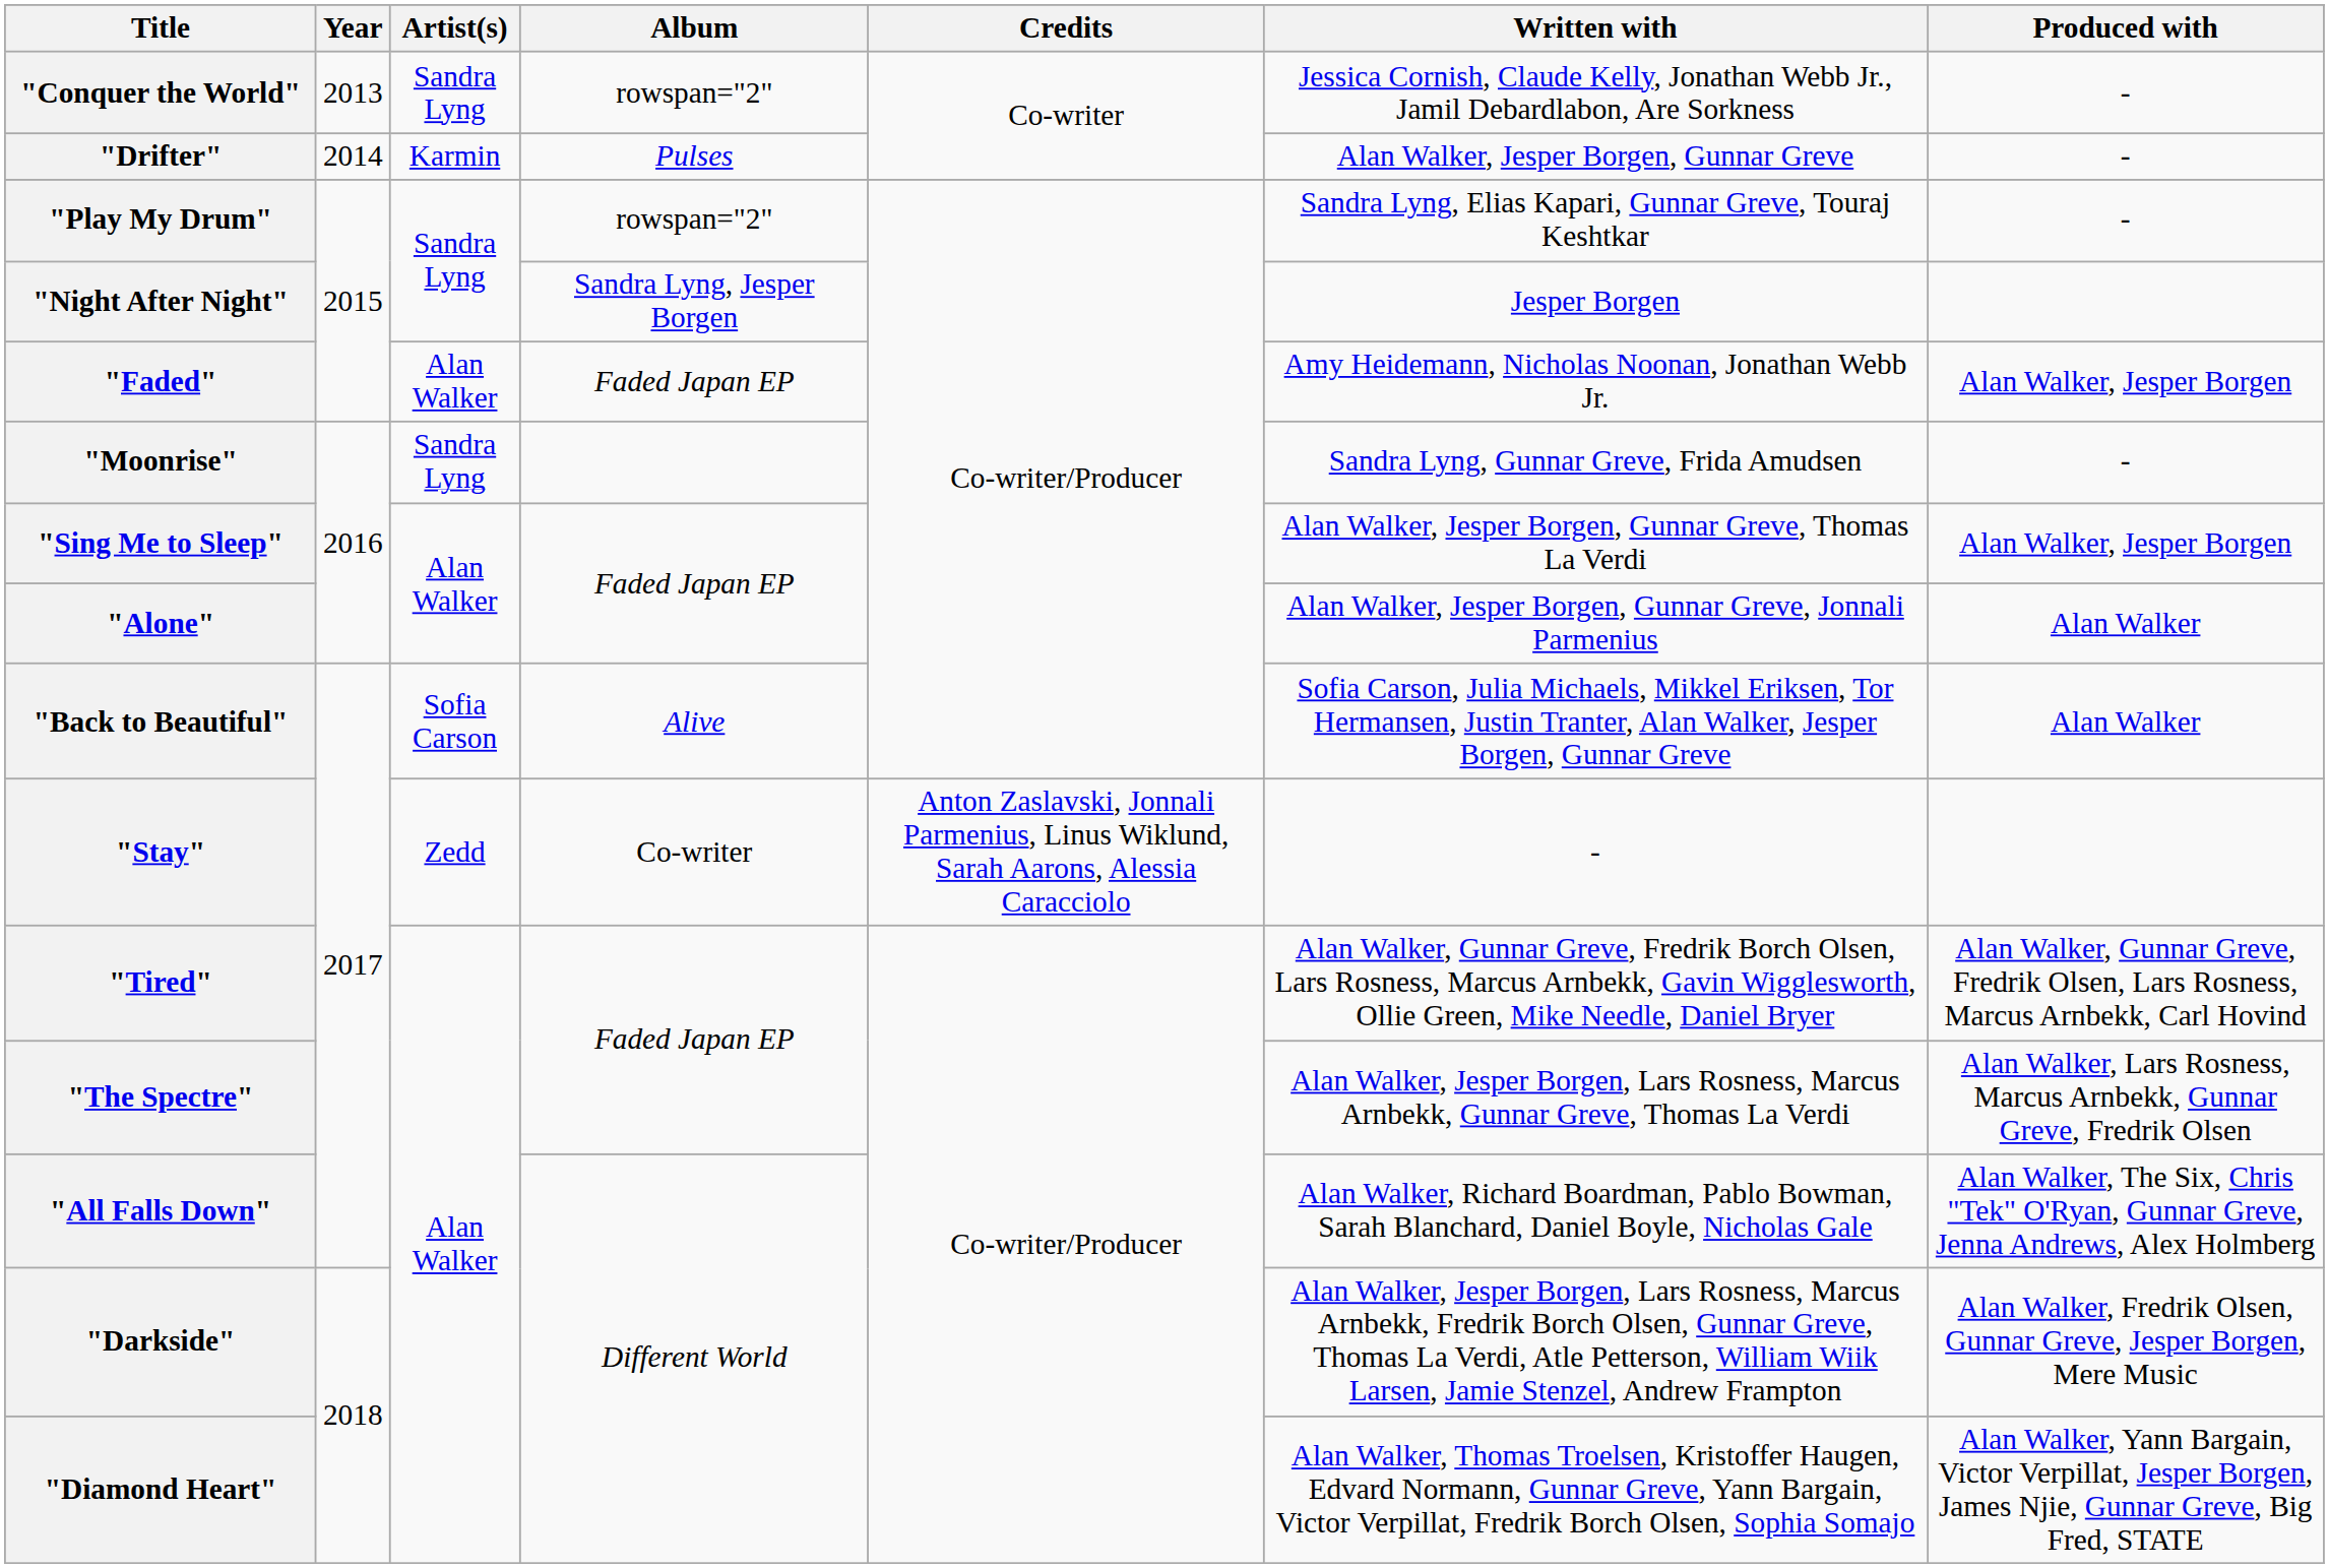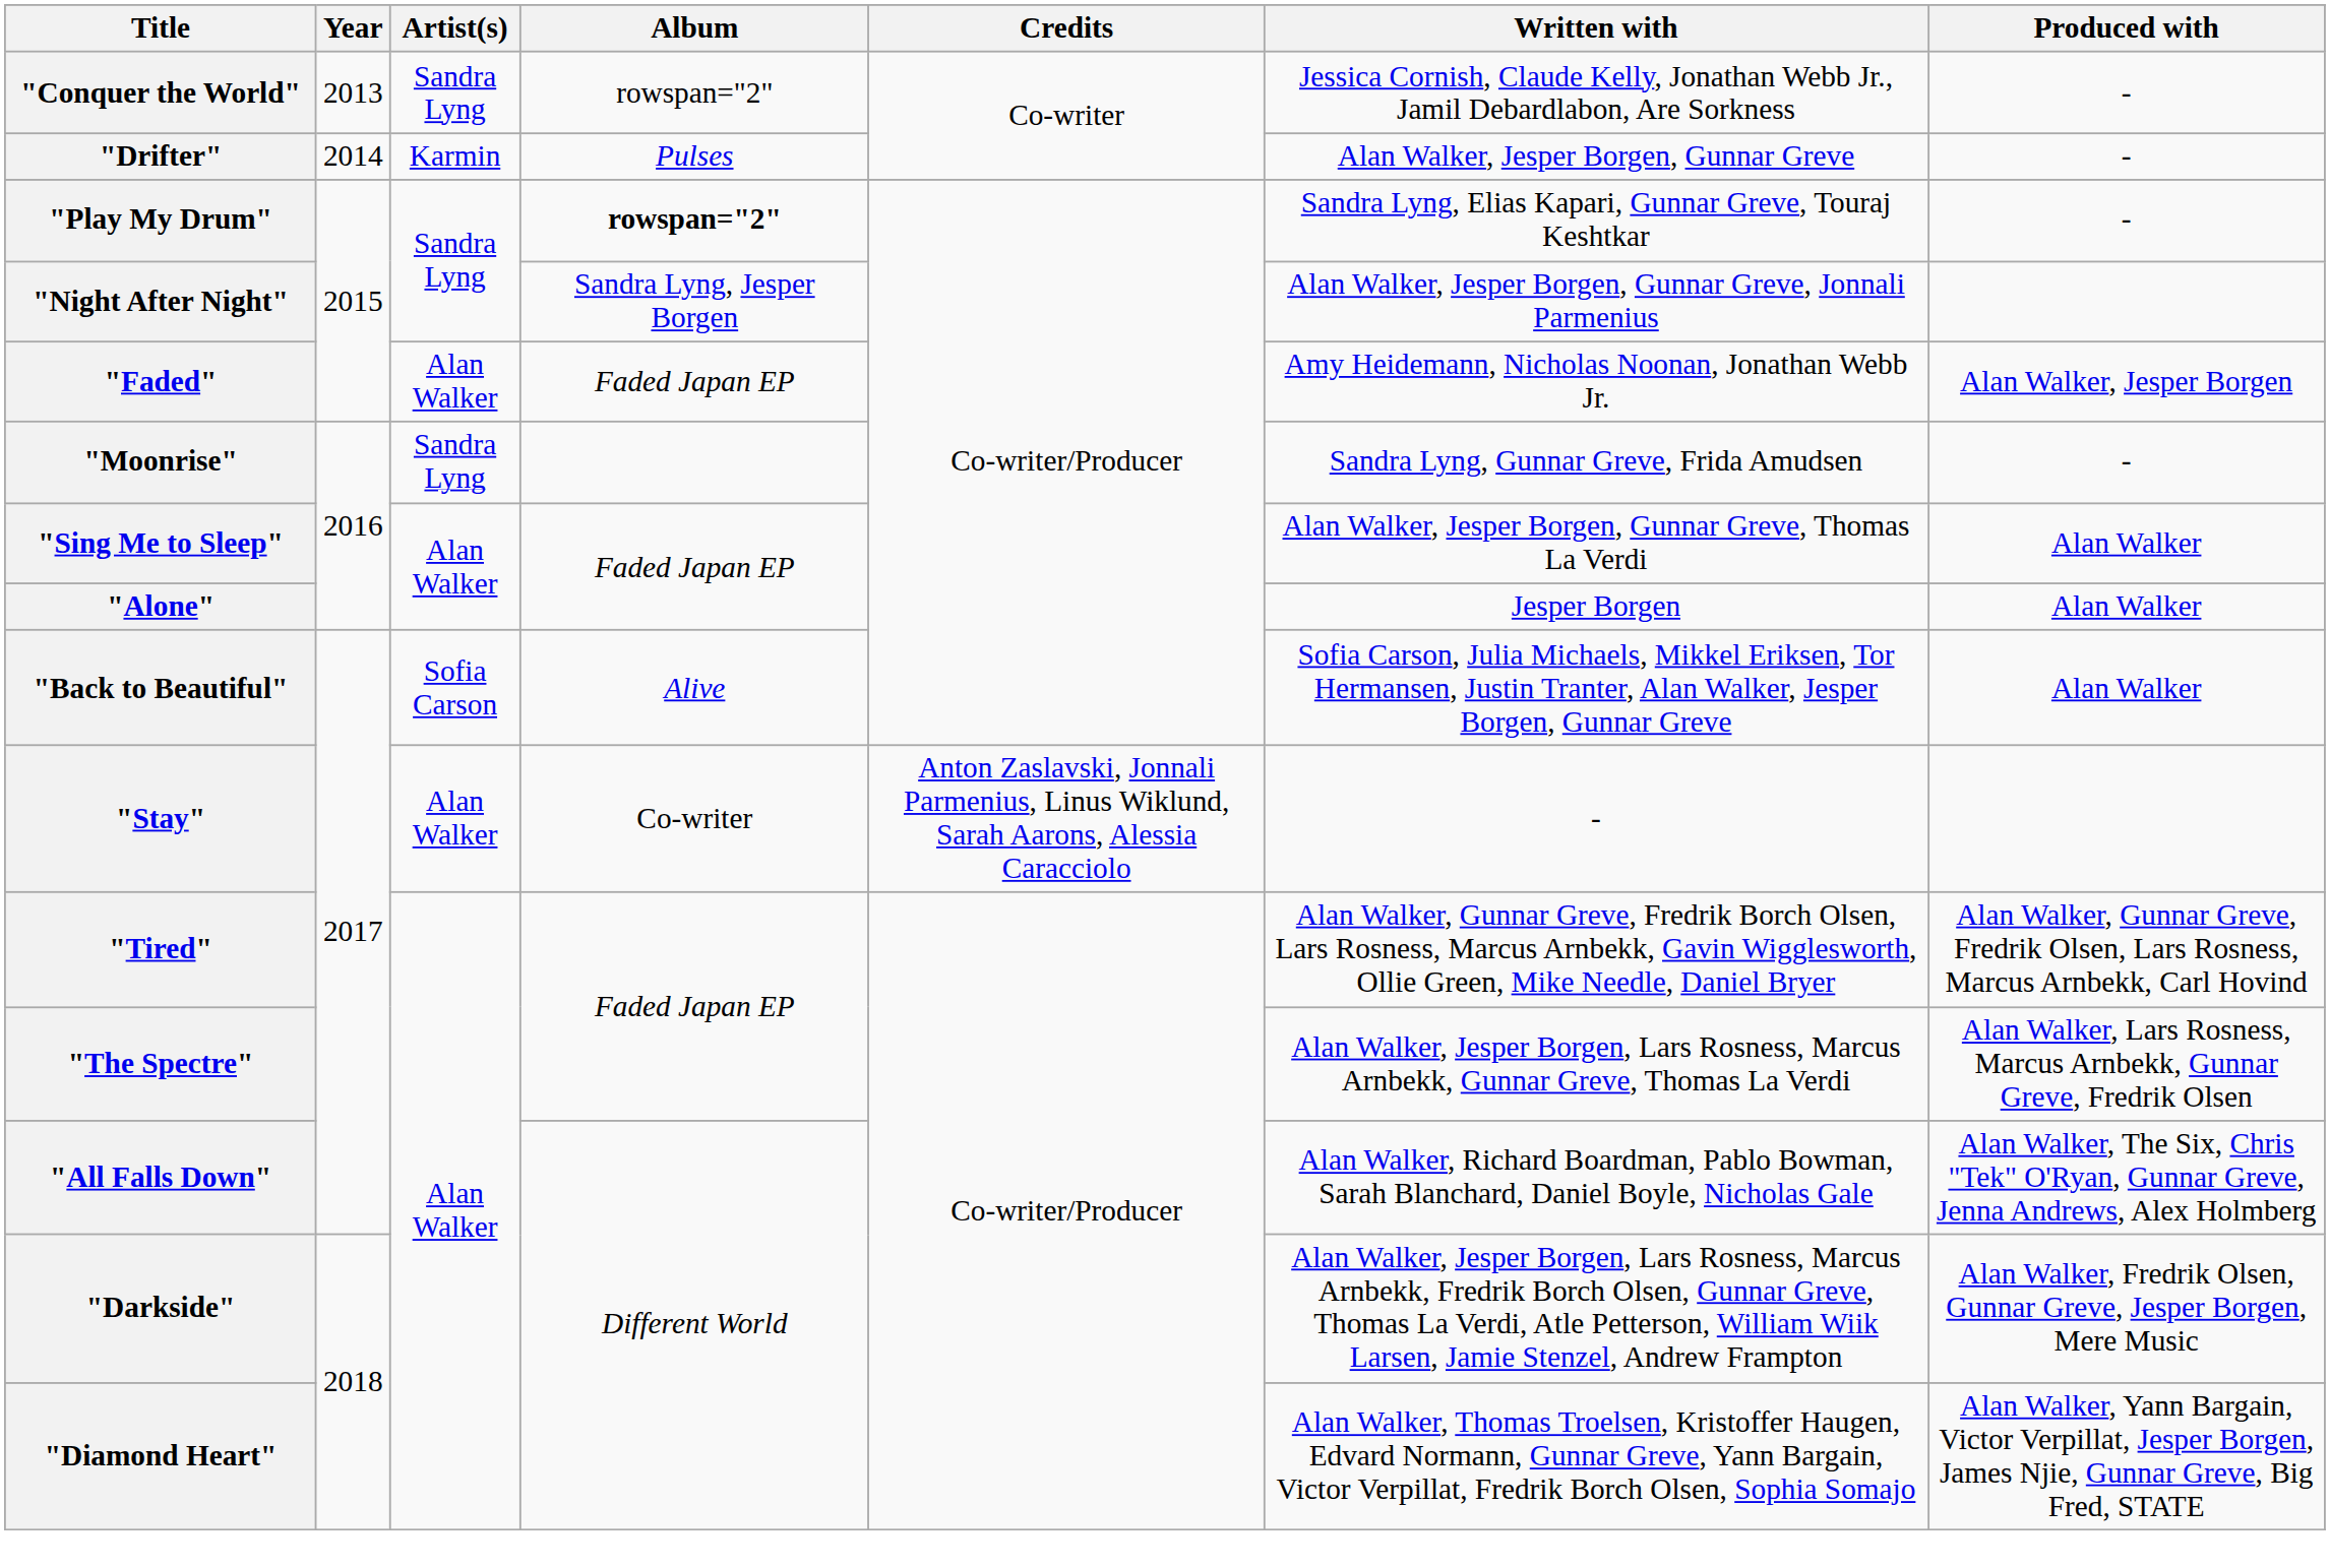 <table class="wikitable plainrowheaders" style="text-align:center;">
 <tr>
 <th scope="col" style="width:160px;">Title</th>
 <th scope="col">Year</th>
 <th scope="col">Artist(s)</th>
 <th scope="col" style="width:180px;">Album</th>
 <th scope="col">Credits</th>
 <th scope="col">Written with</th>
 <th scope="col">Produced with</th>
 </tr>
 <tr>
 <th scope="row">"Conquer the World"<br></th>
 <td>2013</td>
 <td><a href='#'>Sandra Lyng</a></td>
 <td>rowspan="2" </td>
 <td rowspan="2">Co-writer</td>
 <td><a href='#'>Jessica Cornish</a>, <a href='#'>Claude Kelly</a>, Jonathan Webb Jr., Jamil Debardlabon, Are Sorkness</td>
 <td>-</td>
 </tr>
 <tr>
 <th scope="row">"Drifter"</th>
 <td>2014</td>
 <td><a href='#'>Karmin</a></td>
 <td><em><a href='#'>Pulses</a></em></td>
 <td><a href='#'>Alan Walker</a>, <a href='#'>Jesper Borgen</a>, <a href='#'>Gunnar Greve</a></td>
 <td>-</td>
 </tr>
 <tr>
 <th scope="row">"Play My Drum"</th>
 <td rowspan="3">2015</td>
 <td rowspan="2"><a href='#'>Sandra Lyng</a></td>
-<td>rowspan="2" </td>
+<td><strong>rowspan="2" </strong></td>
 <td rowspan="7">Co-writer/Producer</td>
 <td><a href='#'>Sandra Lyng</a>, Elias Kapari, <a href='#'>Gunnar Greve</a>, Touraj Keshtkar</td>
 <td>-</td>
 </tr>
 <tr>
 <th scope="row">"Night After Night"</th>
 <td><a href='#'>Sandra Lyng</a>, <a href='#'>Jesper Borgen</a></td>
-<td><a href='#'>Jesper Borgen</a></td>
+<td><a href='#'>Alan Walker</a>, <a href='#'>Jesper Borgen</a>, <a href='#'>Gunnar Greve</a>, <a href='#'>Jonnali Parmenius</a></td>
 </tr>
 <tr>
 <th scope="row">"<a href='#'>Faded</a>"</th>
 <td><a href='#'>Alan Walker</a></td>
 <td><em>Faded Japan EP</em></td>
 <td><a href='#'>Amy Heidemann</a>, <a href='#'>Nicholas Noonan</a>, Jonathan Webb Jr.</td>
 <td><a href='#'>Alan Walker</a>, <a href='#'>Jesper Borgen</a></td>
 </tr>
 <tr>
 <th scope="row">"Moonrise"</th>
 <td rowspan="3">2016</td>
 <td><a href='#'>Sandra Lyng</a></td>
 <td></td>
 <td><a href='#'>Sandra Lyng</a>, <a href='#'>Gunnar Greve</a>, Frida Amudsen</td>
 <td>-</td>
 </tr>
 <tr>
 <th scope="row">"<a href='#'>Sing Me to Sleep</a>"</th>
 <td rowspan="2"><a href='#'>Alan Walker</a></td>
 <td rowspan="2"><em>Faded Japan EP</em></td>
 <td><a href='#'>Alan Walker</a>, <a href='#'>Jesper Borgen</a>, <a href='#'>Gunnar Greve</a>, Thomas La Verdi</td>
-<td><a href='#'>Alan Walker</a>, <a href='#'>Jesper Borgen</a></td>
+<td><a href='#'>Alan Walker</a></td>
 </tr>
 <tr>
 <th scope="row">"<a href='#'>Alone</a>"</th>
-<td><a href='#'>Alan Walker</a>, <a href='#'>Jesper Borgen</a>, <a href='#'>Gunnar Greve</a>, <a href='#'>Jonnali Parmenius</a></td>
+<td><a href='#'>Jesper Borgen</a></td>
 <td><a href='#'>Alan Walker</a></td>
 </tr>
 <tr>
 <th scope="row">"Back to Beautiful"</th>
 <td rowspan="5">2017</td>
 <td><a href='#'>Sofia Carson</a></td>
 <td><em><a href='#'>Alive</a></em></td>
 <td><a href='#'>Sofia Carson</a>, <a href='#'>Julia Michaels</a>, <a href='#'>Mikkel Eriksen</a>, <a href='#'>Tor Hermansen</a>, <a href='#'>Justin Tranter</a>, <a href='#'>Alan Walker</a>, <a href='#'>Jesper Borgen</a>, <a href='#'>Gunnar Greve</a></td>
 <td><a href='#'>Alan Walker</a></td>
 </tr>
 <tr>
 <th scope="row">"<a href='#'>Stay</a>"<br></th>
-<td><a href='#'>Zedd</a></td>
+<td><a href='#'>Alan Walker</a></td>
 <td>Co-writer</td>
 <td><a href='#'>Anton Zaslavski</a>, <a href='#'>Jonnali Parmenius</a>, Linus Wiklund, <a href='#'>Sarah Aarons</a>, <a href='#'>Alessia Caracciolo</a></td>
 <td>-</td>
 </tr>
 <tr>
 <th scope="row">"<a href='#'>Tired</a>"<br></th>
 <td rowspan="5"><a href='#'>Alan Walker</a></td>
 <td rowspan="2"><em>Faded Japan EP</em></td>
 <td rowspan="5">Co-writer/Producer</td>
 <td><a href='#'>Alan Walker</a>, <a href='#'>Gunnar Greve</a>, Fredrik Borch Olsen, Lars Rosness, Marcus Arnbekk, <a href='#'>Gavin Wigglesworth</a>, Ollie Green, <a href='#'>Mike Needle</a>, <a href='#'>Daniel Bryer</a></td>
 <td><a href='#'>Alan Walker</a>, <a href='#'>Gunnar Greve</a>, Fredrik Olsen, Lars Rosness, Marcus Arnbekk, Carl Hovind</td>
 </tr>
 <tr>
 <th scope="row">"<a href='#'>The Spectre</a>"</th>
 <td><a href='#'>Alan Walker</a>, <a href='#'>Jesper Borgen</a>, Lars Rosness, Marcus Arnbekk, <a href='#'>Gunnar Greve</a>, Thomas La Verdi</td>
 <td><a href='#'>Alan Walker</a>, Lars Rosness, Marcus Arnbekk, <a href='#'>Gunnar Greve</a>, Fredrik Olsen</td>
 </tr>
 <tr>
 <th scope="row">"<a href='#'>All Falls Down</a>"<br></th>
 <td rowspan="3"><em>Different World</em></td>
 <td><a href='#'>Alan Walker</a>, Richard Boardman, Pablo Bowman, Sarah Blanchard, Daniel Boyle, <a href='#'>Nicholas Gale</a></td>
 <td><a href='#'>Alan Walker</a>, The Six, <a href='#'>Chris "Tek" O'Ryan</a>, <a href='#'>Gunnar Greve</a>, <a href='#'>Jenna Andrews</a>, Alex Holmberg</td>
 </tr>
 <tr>
 <th scope="row">"Darkside"<br></th>
 <td rowspan="2">2018</td>
 <td><a href='#'>Alan Walker</a>, <a href='#'>Jesper Borgen</a>, Lars Rosness, Marcus Arnbekk, Fredrik Borch Olsen, <a href='#'>Gunnar Greve</a>, Thomas La Verdi, Atle Petterson, <a href='#'>William Wiik Larsen</a>, <a href='#'>Jamie Stenzel</a>, Andrew Frampton</td>
 <td><a href='#'>Alan Walker</a>, Fredrik Olsen, <a href='#'>Gunnar Greve</a>, <a href='#'>Jesper Borgen</a>, Mere Music</td>
 </tr>
 <tr>
 <th scope="row">"Diamond Heart"<br></th>
 <td><a href='#'>Alan Walker</a>, <a href='#'>Thomas Troelsen</a>, Kristoffer Haugen, Edvard Normann, <a href='#'>Gunnar Greve</a>, Yann Bargain, Victor Verpillat, Fredrik Borch Olsen, <a href='#'>Sophia Somajo</a></td>
 <td><a href='#'>Alan Walker</a>, Yann Bargain, Victor Verpillat, <a href='#'>Jesper Borgen</a>, James Njie, <a href='#'>Gunnar Greve</a>, Big Fred, STATE</td>
 </tr>
 <tr>
 </tr>
 </table>
